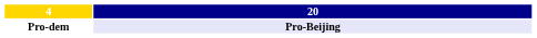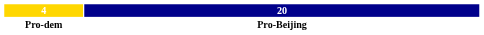 <table style="width:60%; text-align:center;">
 <tr style="color:white;">
 <td style="background:gold; width:16.67%;"><strong>4</strong></td>
 <td style="background:darkblue; width:83.33%;"><strong>20</strong></td>
 </tr>
 <tr>
 <td><span><strong>Pro-dem</strong></span></td>
-<td style="background: lavender;"><span><strong>Pro-Beijing</strong></span></td>
+<td><span><strong>Pro-Beijing</strong></span></td>
 </tr>
 </table>
